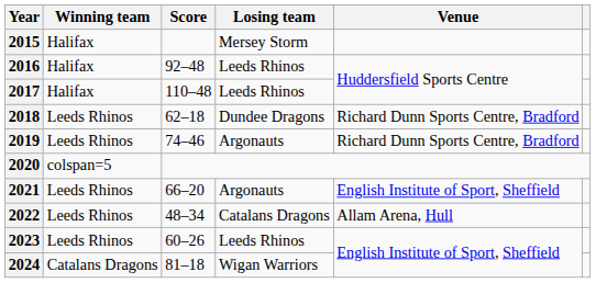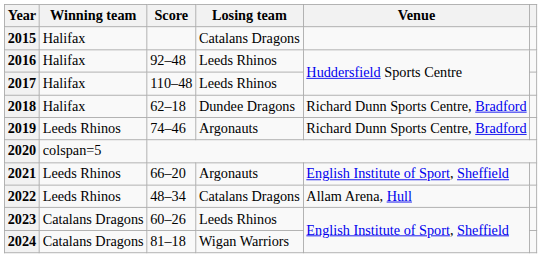 <table class="wikitable defaultcenter col2left col4left">
 <tr>
 <th scope="col">Year</th>
 <th scope="col">Winning team</th>
 <th scope="col">Score</th>
 <th scope="col">Losing team</th>
 <th scope="col">Venue</th>
 <th scope="col"></th>
 </tr>
 <tr>
 <th scope="row">2015</th>
 <td> Halifax</td>
 <td></td>
-<td>Mersey Storm</td>
+<td> Catalans Dragons</td>
 <td></td>
 <td></td>
 </tr>
 <tr>
 <th scope="row">2016</th>
 <td> Halifax</td>
 <td>92–48</td>
 <td> Leeds Rhinos</td>
 <td rowspan=2><a href='#'>Huddersfield</a> Sports Centre</td>
 <td></td>
 </tr>
 <tr>
 <th scope="row">2017</th>
 <td> Halifax</td>
 <td>110–48</td>
 <td> Leeds Rhinos</td>
 <td></td>
 </tr>
 <tr>
 <th scope="row">2018</th>
-<td> Leeds Rhinos</td>
+<td> Halifax</td>
 <td>62–18</td>
 <td>Dundee Dragons</td>
 <td>Richard Dunn Sports Centre, <a href='#'>Bradford</a></td>
 <td></td>
 </tr>
 <tr>
 <th scope="row">2019</th>
 <td> Leeds Rhinos</td>
 <td>74–46</td>
 <td>Argonauts</td>
 <td>Richard Dunn Sports Centre, <a href='#'>Bradford</a></td>
 <td></td>
 </tr>
 <tr>
 <th scope="row">2020</th>
 <td>colspan=5 </td>
 </tr>
 <tr>
 <th scope="row">2021</th>
 <td> Leeds Rhinos</td>
 <td>66–20</td>
 <td>Argonauts</td>
 <td><a href='#'>English Institute of Sport</a>, <a href='#'>Sheffield</a></td>
 <td></td>
 </tr>
 <tr>
 <th scope="row">2022</th>
 <td> Leeds Rhinos</td>
 <td>48–34</td>
 <td> Catalans Dragons</td>
 <td>Allam Arena, <a href='#'>Hull</a></td>
 <td></td>
 </tr>
 <tr>
 <th scope="row">2023</th>
-<td> Leeds Rhinos</td>
+<td> Catalans Dragons</td>
 <td>60–26</td>
 <td> Leeds Rhinos</td>
 <td rowspan=2><a href='#'>English Institute of Sport</a>, <a href='#'>Sheffield</a></td>
 <td></td>
 </tr>
 <tr>
 <th scope="row">2024</th>
 <td> Catalans Dragons</td>
 <td>81–18</td>
 <td> Wigan Warriors</td>
 <td></td>
 </tr>
 </table>
